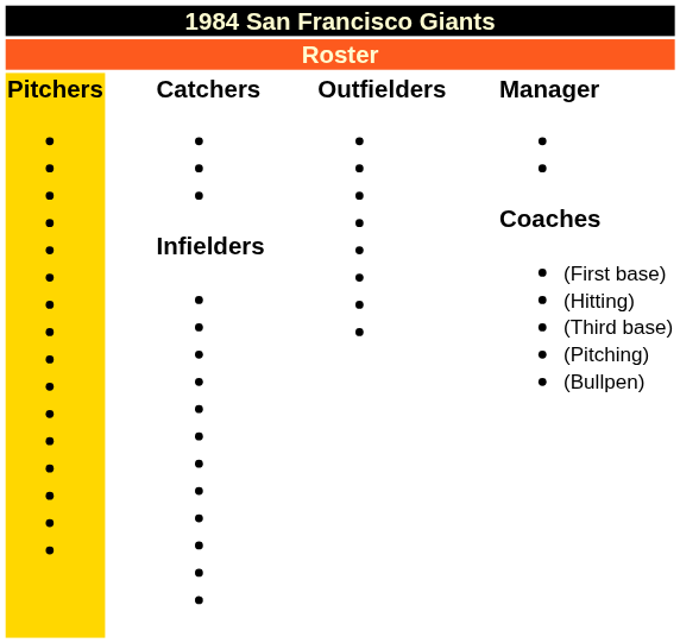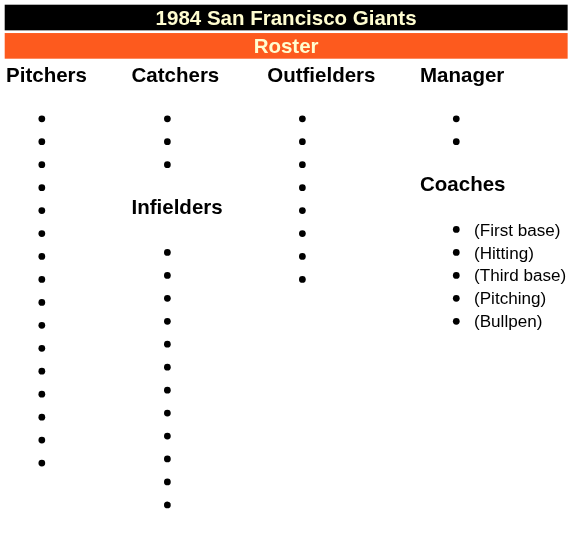 <table class="toccolours" style="font-size: 95%;">
 <tr>
 <th colspan="10" style="background-color: black; color: #FFFDD0; text-align: center;">1984 San Francisco Giants</th>
 </tr>
 <tr>
 <td colspan="10" style="background-color: #fd5a1e; color: #FFFDD0; text-align: center;"><strong>Roster</strong></td>
 </tr>
 <tr>
-<td valign="top" style="background: gold;"><strong>Pitchers</strong><br><ul><li></li><li></li><li></li><li></li><li></li><li></li><li></li><li></li><li></li><li></li><li></li><li></li><li></li><li></li><li></li><li></li></ul></td>
+<td valign="top"><strong>Pitchers</strong><br><ul><li></li><li></li><li></li><li></li><li></li><li></li><li></li><li></li><li></li><li></li><li></li><li></li><li></li><li></li><li></li><li></li></ul></td>
 <td width="25px"></td>
 <td valign="top"><strong>Catchers</strong><br><ul><li></li><li></li><li></li></ul><strong>Infielders</strong><ul><li></li><li></li><li></li><li></li><li></li><li></li><li></li><li></li><li></li><li></li><li></li><li></li></ul></td>
 <td width="25px"></td>
 <td valign="top"><strong>Outfielders</strong><br><ul><li></li><li></li><li></li><li></li><li></li><li></li><li></li><li></li></ul></td>
 <td width="25px"></td>
 <td valign="top"><strong>Manager</strong><br><ul><li></li><li></li></ul><strong>Coaches</strong><ul><li> <small>(First base)</small></li><li> <small>(Hitting)</small></li><li> <small>(Third base)</small></li><li> <small>(Pitching)</small></li><li> <small>(Bullpen)</small></li></ul></td>
 </tr>
 <tr>
 </tr>
 </table>
